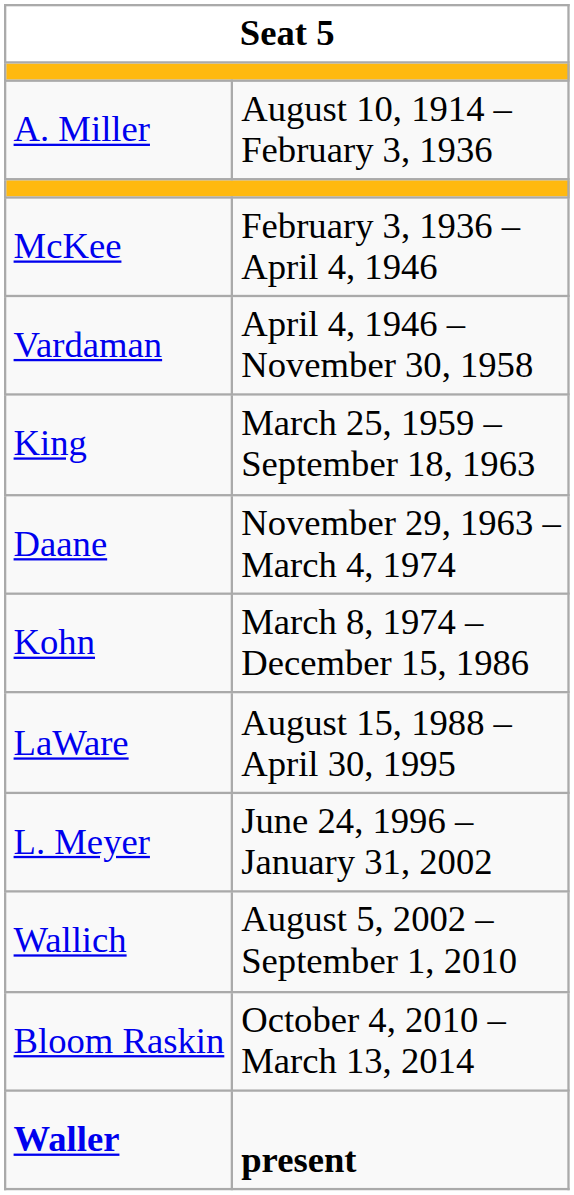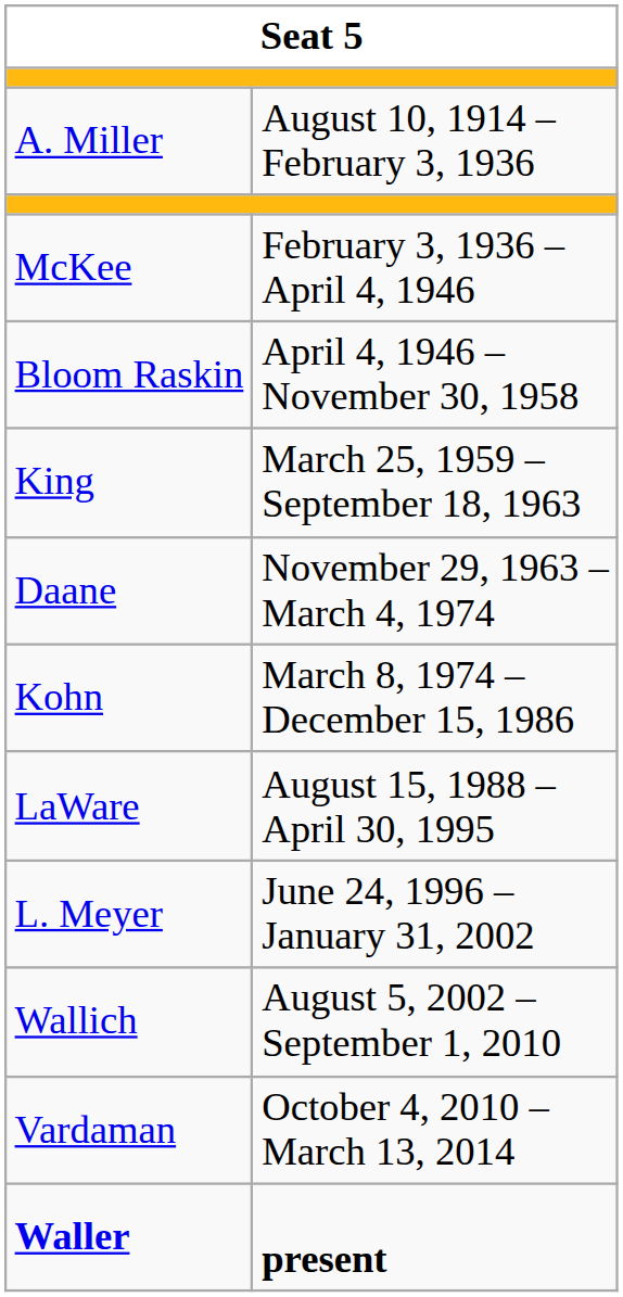 <table class="wikitable">
 <tr>
 <th colspan="2" style="background:#fff;">Seat 5</th>
 </tr>
 <tr>
 <td colspan="2" style="background: #FFB90F;"></td>
 </tr>
 <tr>
 <td><a href='#'>A. Miller</a></td>
 <td>August 10, 1914 –<br>February 3, 1936</td>
 </tr>
 <tr>
 <td colspan="2" style="background: #FFB90F;"></td>
 </tr>
 <tr>
 <td><a href='#'>McKee</a></td>
 <td>February 3, 1936 –<br>April 4, 1946</td>
 </tr>
 <tr>
-<td><a href='#'>Vardaman</a></td>
+<td><a href='#'>Bloom Raskin</a></td>
 <td>April 4, 1946 –<br>November 30, 1958</td>
 </tr>
 <tr>
 <td><a href='#'>King</a></td>
 <td>March 25, 1959 –<br>September 18, 1963</td>
 </tr>
 <tr>
 <td><a href='#'>Daane</a></td>
 <td>November 29, 1963 –<br>March 4, 1974</td>
 </tr>
 <tr>
 <td><a href='#'>Kohn</a></td>
 <td>March 8, 1974 –<br>December 15, 1986</td>
 </tr>
 <tr>
 <td><a href='#'>LaWare</a></td>
 <td>August 15, 1988 –<br>April 30, 1995</td>
 </tr>
 <tr>
 <td><a href='#'>L. Meyer</a></td>
 <td>June 24, 1996 –<br>January 31, 2002</td>
 </tr>
 <tr>
 <td><a href='#'>Wallich</a></td>
 <td>August 5, 2002 –<br>September 1, 2010</td>
 </tr>
 <tr>
-<td><a href='#'>Bloom Raskin</a></td>
+<td><a href='#'>Vardaman</a></td>
 <td>October 4, 2010 –<br>March 13, 2014</td>
 </tr>
 <tr>
 <td><strong><a href='#'>Waller</a></strong></td>
 <td><strong><br>present</strong></td>
 </tr>
 </table>
